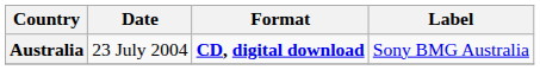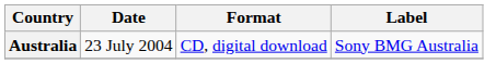 <table class="wikitable plainrowheaders">
 <tr>
 <th scope="col">Country</th>
 <th scope="col">Date</th>
 <th scope="col">Format</th>
 <th scope="col">Label</th>
 </tr>
 <tr>
 <th scope="row">Australia</th>
 <td>23 July 2004</td>
-<td><strong><a href='#'>CD</a>, <a href='#'>digital download</a></strong></td>
+<td><a href='#'>CD</a>, <a href='#'>digital download</a></td>
 <td><a href='#'>Sony BMG Australia</a></td>
 </tr>
 <tr>
 </tr>
 </table>
